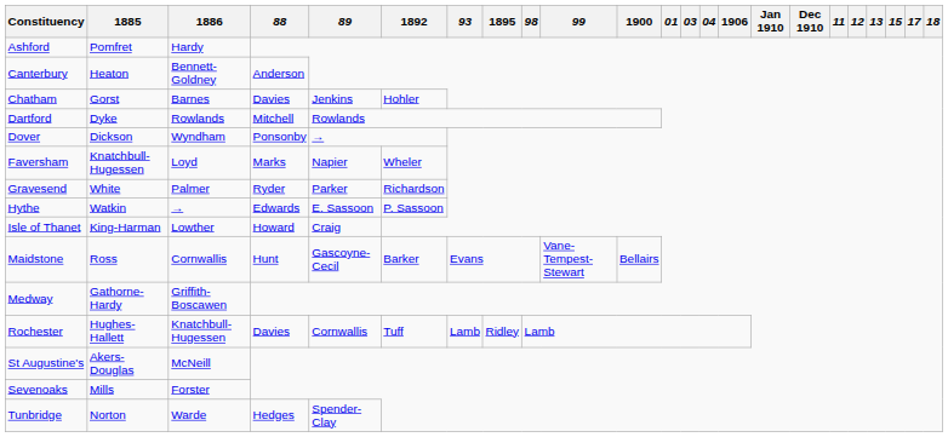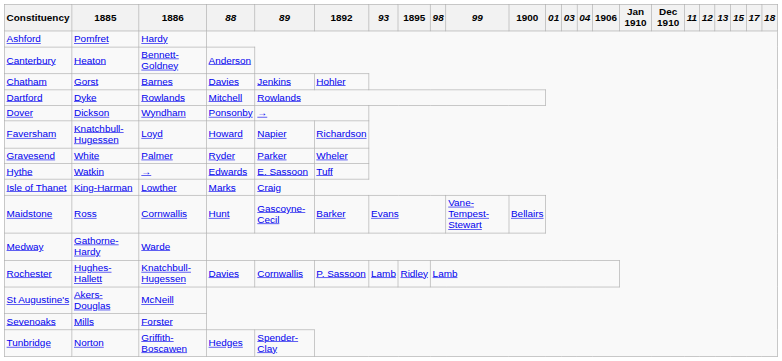 <table class="wikitable">
 <tr>
 <th>Constituency</th>
 <th>1885</th>
 <th>1886</th>
 <th><em>88</em></th>
 <th><em>89</em></th>
 <th>1892</th>
 <th><em>93</em></th>
 <th>1895</th>
 <th><em>98</em></th>
 <th><em>99</em></th>
 <th>1900</th>
 <th><em>01</em></th>
 <th><em>03</em></th>
 <th><em>04</em></th>
 <th>1906</th>
 <th>Jan 1910</th>
 <th>Dec 1910</th>
 <th><em>11</em></th>
 <th><em>12</em></th>
 <th><em>13</em></th>
 <th><em>15</em></th>
 <th><em>17</em></th>
 <th><em>18</em></th>
 </tr>
 <tr>
 <td><a href='#'>Ashford</a></td>
 <td><a href='#'>Pomfret</a></td>
 <td><a href='#'>Hardy</a></td>
 </tr>
 <tr>
 <td><a href='#'>Canterbury</a></td>
 <td><a href='#'>Heaton</a></td>
 <td><a href='#'>Bennett-Goldney</a></td>
 <td><a href='#'>Anderson</a></td>
 </tr>
 <tr>
 <td><a href='#'>Chatham</a></td>
 <td><a href='#'>Gorst</a></td>
 <td><a href='#'>Barnes</a></td>
 <td><a href='#'>Davies</a></td>
 <td><a href='#'>Jenkins</a></td>
 <td><a href='#'>Hohler</a></td>
 </tr>
 <tr>
 <td><a href='#'>Dartford</a></td>
 <td><a href='#'>Dyke</a></td>
 <td><a href='#'>Rowlands</a></td>
 <td><a href='#'>Mitchell</a></td>
 <td colspan="7"><a href='#'>Rowlands</a></td>
 </tr>
 <tr>
 <td><a href='#'>Dover</a></td>
 <td><a href='#'>Dickson</a></td>
 <td><a href='#'>Wyndham</a></td>
 <td><a href='#'>Ponsonby</a></td>
 <td colspan="2"><a href='#'>→</a></td>
 </tr>
 <tr>
 <td><a href='#'>Faversham</a></td>
 <td><a href='#'>Knatchbull-Hugessen</a></td>
 <td><a href='#'>Loyd</a></td>
-<td><a href='#'>Marks</a></td>
+<td><a href='#'>Howard</a></td>
 <td><a href='#'>Napier</a></td>
-<td><a href='#'>Wheler</a></td>
+<td><a href='#'>Richardson</a></td>
 </tr>
 <tr>
 <td><a href='#'>Gravesend</a></td>
 <td><a href='#'>White</a></td>
 <td><a href='#'>Palmer</a></td>
 <td><a href='#'>Ryder</a></td>
 <td><a href='#'>Parker</a></td>
-<td><a href='#'>Richardson</a></td>
+<td><a href='#'>Wheler</a></td>
 </tr>
 <tr>
 <td><a href='#'>Hythe</a></td>
 <td><a href='#'>Watkin</a></td>
 <td><a href='#'>→</a></td>
 <td><a href='#'>Edwards</a></td>
 <td><a href='#'>E. Sassoon</a></td>
-<td><a href='#'>P. Sassoon</a></td>
+<td><a href='#'>Tuff</a></td>
 </tr>
 <tr>
 <td><a href='#'>Isle of Thanet</a></td>
 <td><a href='#'>King-Harman</a></td>
 <td><a href='#'>Lowther</a></td>
-<td><a href='#'>Howard</a></td>
+<td><a href='#'>Marks</a></td>
 <td><a href='#'>Craig</a></td>
 </tr>
 <tr>
 <td><a href='#'>Maidstone</a></td>
 <td><a href='#'>Ross</a></td>
 <td><a href='#'>Cornwallis</a></td>
 <td><a href='#'>Hunt</a></td>
 <td><a href='#'>Gascoyne-Cecil</a></td>
 <td bgcolor=><a href='#'>Barker</a></td>
 <td colspan="3" bgcolor=><a href='#'>Evans</a></td>
 <td><a href='#'>Vane-Tempest-Stewart</a></td>
 <td><a href='#'>Bellairs</a></td>
 </tr>
 <tr>
 <td><a href='#'>Medway</a></td>
 <td><a href='#'>Gathorne-Hardy</a></td>
-<td><a href='#'>Griffith-Boscawen</a></td>
+<td><a href='#'>Warde</a></td>
 </tr>
 <tr>
 <td><a href='#'>Rochester</a></td>
 <td><a href='#'>Hughes-Hallett</a></td>
 <td bgcolor=><a href='#'>Knatchbull-Hugessen</a></td>
 <td><a href='#'>Davies</a></td>
 <td><a href='#'>Cornwallis</a></td>
-<td><a href='#'>Tuff</a></td>
+<td><a href='#'>P. Sassoon</a></td>
 <td bgcolor=><a href='#'>Lamb</a></td>
 <td><a href='#'>Ridley</a></td>
 <td colspan="7"><a href='#'>Lamb</a></td>
 </tr>
 <tr>
 <td><a href='#'>St Augustine's</a></td>
 <td><a href='#'>Akers-Douglas</a></td>
 <td><a href='#'>McNeill</a></td>
 </tr>
 <tr>
 <td><a href='#'>Sevenoaks</a></td>
 <td><a href='#'>Mills</a></td>
 <td><a href='#'>Forster</a></td>
 </tr>
 <tr>
 <td><a href='#'>Tunbridge</a></td>
 <td><a href='#'>Norton</a></td>
-<td><a href='#'>Warde</a></td>
+<td><a href='#'>Griffith-Boscawen</a></td>
 <td><a href='#'>Hedges</a></td>
 <td><a href='#'>Spender-Clay</a></td>
 </tr>
 </table>
